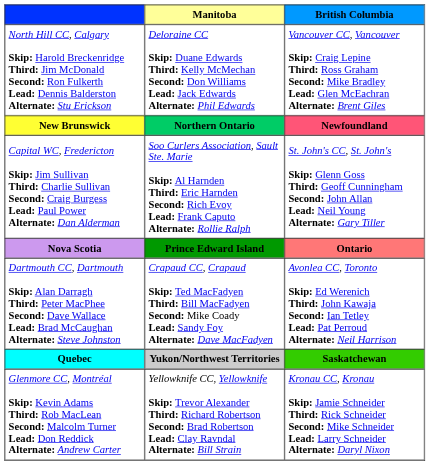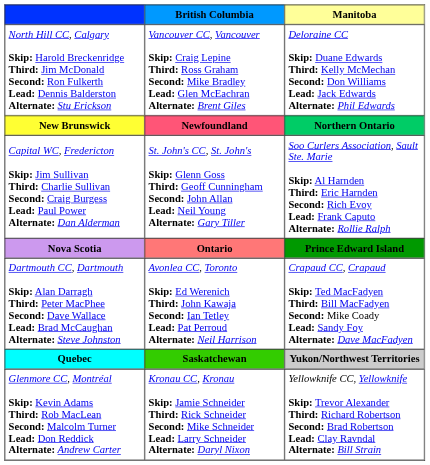 <table border=1 cellpadding=5 cellspacing=0>
 <tr>
 <th style="background:#03f; width:200px;"></th>
+<th style="background:#09f; width:200px;">British Columbia</th>
 <th style="background:#ff9; width:200px;">Manitoba</th>
-<th style="background:#09f; width:200px;">British Columbia</th>
 </tr>
 <tr>
 <td><em><a href='#'>North Hill CC</a>, <a href='#'>Calgary</a></em><br><br><strong>Skip:</strong> <a href='#'>Harold Breckenridge</a> <br> <strong>Third:</strong> <a href='#'>Jim McDonald</a> <br> <strong>Second:</strong> <a href='#'>Ron Fulkerth</a> <br> <strong>Lead:</strong> <a href='#'>Dennis Balderston</a> <br> <strong>Alternate:</strong> <em><a href='#'>Stu Erickson</a></em></td>
+<td><em><a href='#'>Vancouver CC</a>, <a href='#'>Vancouver</a></em><br><br><strong>Skip:</strong> <a href='#'>Craig Lepine</a> <br> <strong>Third:</strong> <a href='#'>Ross Graham</a> <br> <strong>Second:</strong> <a href='#'>Mike Bradley</a> <br> <strong>Lead:</strong> <a href='#'>Glen McEachran</a> <br> <strong>Alternate:</strong> <em><a href='#'>Brent Giles</a></em></td>
 <td><em><a href='#'>Deloraine CC</a></em><br><br><strong>Skip:</strong> <a href='#'>Duane Edwards</a> <br> <strong>Third:</strong> <a href='#'>Kelly McMechan</a> <br> <strong>Second:</strong> <a href='#'>Don Williams</a> <br> <strong>Lead:</strong> <a href='#'>Jack Edwards</a> <br> <strong>Alternate:</strong> <em><a href='#'>Phil Edwards</a></em></td>
-<td><em><a href='#'>Vancouver CC</a>, <a href='#'>Vancouver</a></em><br><br><strong>Skip:</strong> <a href='#'>Craig Lepine</a> <br> <strong>Third:</strong> <a href='#'>Ross Graham</a> <br> <strong>Second:</strong> <a href='#'>Mike Bradley</a> <br> <strong>Lead:</strong> <a href='#'>Glen McEachran</a> <br> <strong>Alternate:</strong> <em><a href='#'>Brent Giles</a></em></td>
 </tr>
 <tr>
 <th style="background:#ff3; width:200px;">New Brunswick</th>
+<th style="background:#f57; width:200px;">Newfoundland</th>
 <th style="background:#0c6; width:200px;">Northern Ontario</th>
-<th style="background:#f57; width:200px;">Newfoundland</th>
 </tr>
 <tr>
 <td><em><a href='#'>Capital WC</a>, <a href='#'>Fredericton</a></em><br><br><strong>Skip:</strong> <a href='#'>Jim Sullivan</a> <br> <strong>Third:</strong> <a href='#'>Charlie Sullivan</a> <br> <strong>Second:</strong> <a href='#'>Craig Burgess</a> <br> <strong>Lead:</strong> <a href='#'>Paul Power</a> <br> <strong>Alternate:</strong> <em><a href='#'>Dan Alderman</a></em></td>
+<td><em><a href='#'>St. John's CC</a>, <a href='#'>St. John's</a></em><br><br><strong>Skip:</strong> <a href='#'>Glenn Goss</a> <br> <strong>Third:</strong> <a href='#'>Geoff Cunningham</a> <br> <strong>Second:</strong> <a href='#'>John Allan</a> <br> <strong>Lead:</strong> <a href='#'>Neil Young</a> <br> <strong>Alternate:</strong> <em><a href='#'>Gary Tiller</a></em></td>
 <td><em><a href='#'>Soo Curlers Association</a>, <a href='#'>Sault Ste. Marie</a></em><br><br><strong>Skip:</strong> <a href='#'>Al Harnden</a> <br> <strong>Third:</strong> <a href='#'>Eric Harnden</a> <br> <strong>Second:</strong> <a href='#'>Rich Evoy</a> <br> <strong>Lead:</strong> <a href='#'>Frank Caputo</a> <br> <strong>Alternate:</strong> <em><a href='#'>Rollie Ralph</a></em></td>
-<td><em><a href='#'>St. John's CC</a>, <a href='#'>St. John's</a></em><br><br><strong>Skip:</strong> <a href='#'>Glenn Goss</a> <br> <strong>Third:</strong> <a href='#'>Geoff Cunningham</a> <br> <strong>Second:</strong> <a href='#'>John Allan</a> <br> <strong>Lead:</strong> <a href='#'>Neil Young</a> <br> <strong>Alternate:</strong> <em><a href='#'>Gary Tiller</a></em></td>
 </tr>
 <tr>
 <th style="background:#c9e; width:200px;">Nova Scotia</th>
+<th style="background:#f77; width:200px;">Ontario</th>
 <th style="background:#090; width:200px;">Prince Edward Island</th>
-<th style="background:#f77; width:200px;">Ontario</th>
 </tr>
 <tr>
 <td><em><a href='#'>Dartmouth CC</a>, <a href='#'>Dartmouth</a></em><br><br><strong>Skip:</strong> <a href='#'>Alan Darragh</a> <br> <strong>Third:</strong> <a href='#'>Peter MacPhee</a> <br> <strong>Second:</strong> <a href='#'>Dave Wallace</a> <br> <strong>Lead:</strong> <a href='#'>Brad McCaughan</a> <br> <strong>Alternate:</strong> <em><a href='#'>Steve Johnston</a></em></td>
+<td><em><a href='#'>Avonlea CC</a>, <a href='#'>Toronto</a></em> <br><br><strong>Skip:</strong> <a href='#'>Ed Werenich</a> <br> <strong>Third:</strong> <a href='#'>John Kawaja</a> <br> <strong>Second:</strong> <a href='#'>Ian Tetley</a> <br> <strong>Lead:</strong> <a href='#'>Pat Perroud</a> <br> <strong>Alternate:</strong> <em><a href='#'>Neil Harrison</a></em></td>
 <td><em><a href='#'>Crapaud CC</a>, <a href='#'>Crapaud</a></em><br><br><strong>Skip:</strong> <a href='#'>Ted MacFadyen</a> <br> <strong>Third:</strong> <a href='#'>Bill MacFadyen</a> <br> <strong>Second:</strong> Mike Coady <br> <strong>Lead:</strong> <a href='#'>Sandy Foy</a> <br> <strong>Alternate:</strong> <em><a href='#'>Dave MacFadyen</a></em></td>
-<td><em><a href='#'>Avonlea CC</a>, <a href='#'>Toronto</a></em> <br><br><strong>Skip:</strong> <a href='#'>Ed Werenich</a> <br> <strong>Third:</strong> <a href='#'>John Kawaja</a> <br> <strong>Second:</strong> <a href='#'>Ian Tetley</a> <br> <strong>Lead:</strong> <a href='#'>Pat Perroud</a> <br> <strong>Alternate:</strong> <em><a href='#'>Neil Harrison</a></em></td>
 </tr>
 <tr>
 <th style="background:#0ff; width:200px;">Quebec</th>
+<th style="background:#3c0; width:200px;">Saskatchewan</th>
 <th style="background:#ccc; width:200px;">Yukon/Northwest Territories</th>
-<th style="background:#3c0; width:200px;">Saskatchewan</th>
 </tr>
 <tr>
 <td><em><a href='#'>Glenmore CC</a>, <a href='#'>Montréal</a></em><br><br><strong>Skip:</strong> <a href='#'>Kevin Adams</a> <br> <strong>Third:</strong> <a href='#'>Rob MacLean</a> <br> <strong>Second:</strong> <a href='#'>Malcolm Turner</a> <br> <strong>Lead:</strong> <a href='#'>Don Reddick</a> <br> <strong>Alternate:</strong> <em><a href='#'>Andrew Carter</a></em></td>
+<td><em><a href='#'>Kronau CC</a>, <a href='#'>Kronau</a></em><br><br><strong>Skip:</strong> <a href='#'>Jamie Schneider</a> <br> <strong>Third:</strong> <a href='#'>Rick Schneider</a> <br> <strong>Second:</strong> <a href='#'>Mike Schneider</a> <br> <strong>Lead:</strong> <a href='#'>Larry Schneider</a> <br> <strong>Alternate:</strong> <em><a href='#'>Daryl Nixon</a></em></td>
 <td><em>Yellowknife CC, <a href='#'>Yellowknife</a></em><br><br><strong>Skip:</strong> <a href='#'>Trevor Alexander</a> <br> <strong>Third:</strong> <a href='#'>Richard Robertson</a> <br> <strong>Second:</strong> <a href='#'>Brad Robertson</a> <br> <strong>Lead:</strong> <a href='#'>Clay Ravndal</a> <br> <strong>Alternate:</strong> <em><a href='#'>Bill Strain</a></em></td>
-<td><em><a href='#'>Kronau CC</a>, <a href='#'>Kronau</a></em><br><br><strong>Skip:</strong> <a href='#'>Jamie Schneider</a> <br> <strong>Third:</strong> <a href='#'>Rick Schneider</a> <br> <strong>Second:</strong> <a href='#'>Mike Schneider</a> <br> <strong>Lead:</strong> <a href='#'>Larry Schneider</a> <br> <strong>Alternate:</strong> <em><a href='#'>Daryl Nixon</a></em></td>
 </tr>
 </table>
